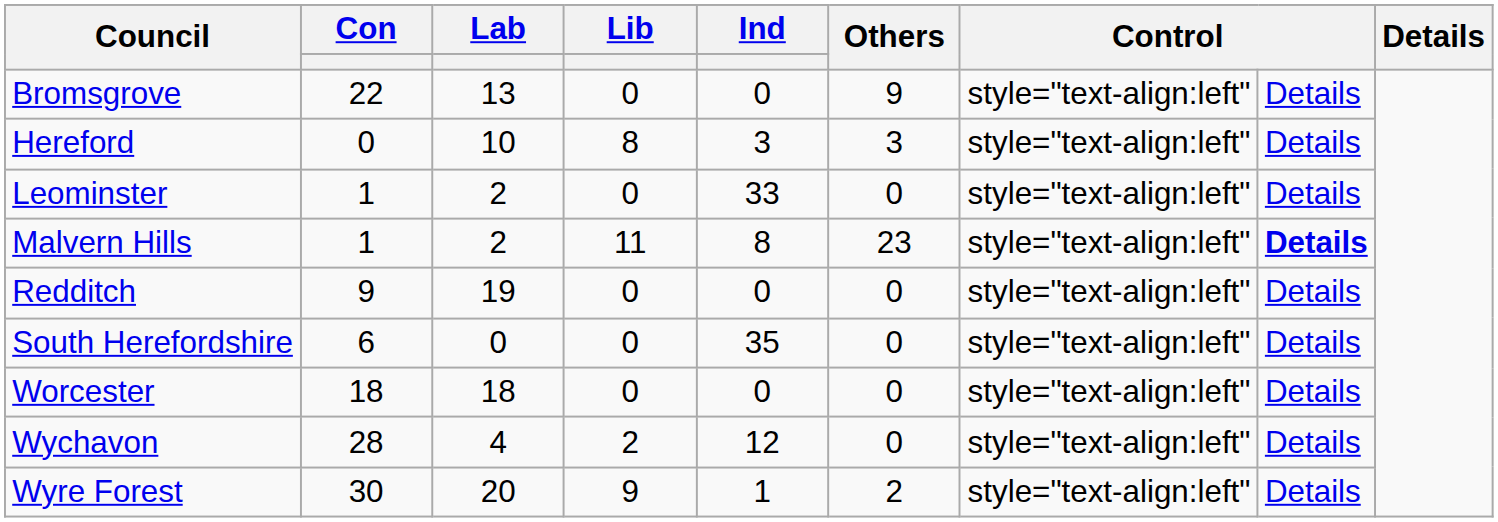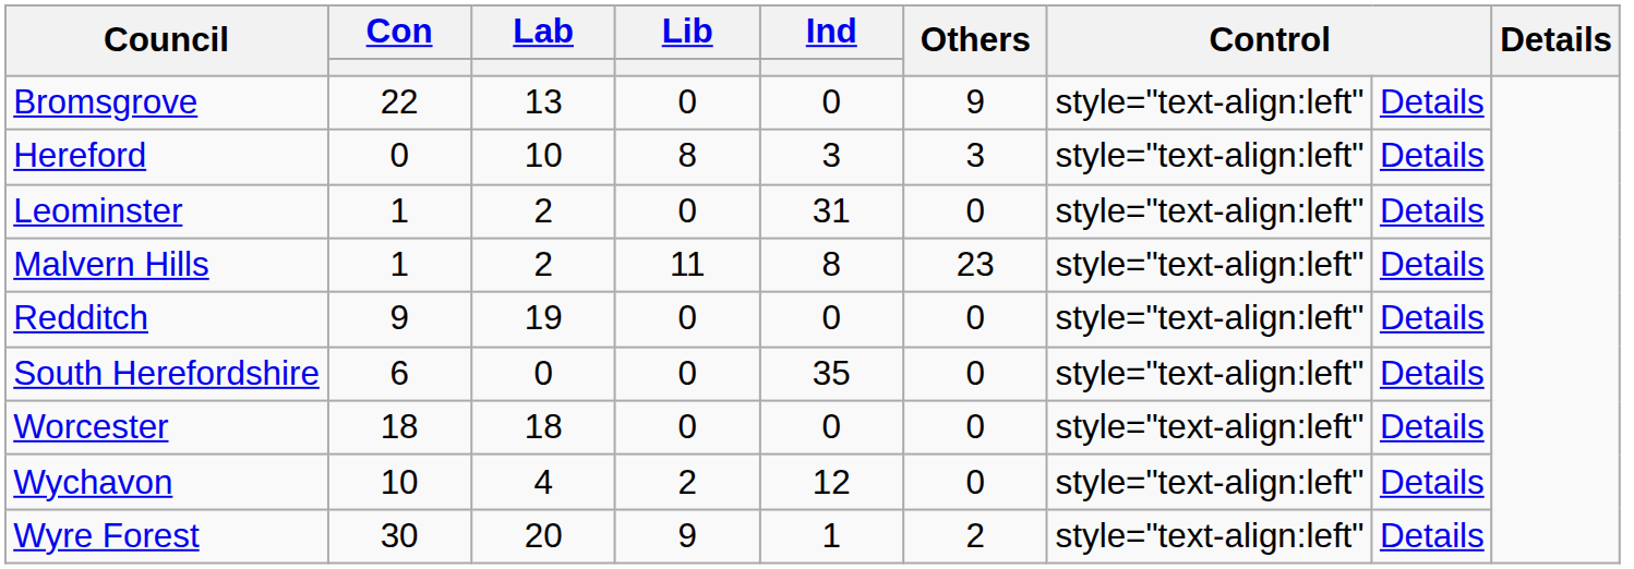 <table class="wikitable" style="text-align:center;">
 <tr>
 <th rowspan=2>Council</th>
 <th style="width:60px;"><a href='#'>Con</a></th>
 <th style="width:60px;"><a href='#'>Lab</a></th>
 <th style="width:60px;"><a href='#'>Lib</a></th>
 <th style="width:60px;"><a href='#'>Ind</a></th>
 <th style="width:60px;" rowspan=2>Others</th>
 <th rowspan=2 colspan=2>Control</th>
 <th rowspan=2>Details</th>
 </tr>
 <tr>
 <th style="background:"></th>
 <th style="background:"></th>
 <th style="background:"></th>
 <th style="background:"></th>
 </tr>
 <tr>
 <td style="text-align:left"><a href='#'>Bromsgrove</a></td>
 <td>22</td>
 <td>13</td>
 <td>0</td>
 <td>0</td>
 <td>9</td>
 <td>style="text-align:left" </td>
 <td style="text-align:left"><a href='#'>Details</a></td>
 </tr>
 <tr>
 <td style="text-align:left"><a href='#'>Hereford</a></td>
 <td>0</td>
 <td>10</td>
 <td>8</td>
 <td>3</td>
 <td>3</td>
 <td>style="text-align:left" </td>
 <td style="text-align:left"><a href='#'>Details</a></td>
 </tr>
 <tr>
 <td style="text-align:left"><a href='#'>Leominster</a></td>
 <td>1</td>
 <td>2</td>
 <td>0</td>
-<td>33</td>
+<td>31</td>
 <td>0</td>
 <td>style="text-align:left" </td>
 <td style="text-align:left"><a href='#'>Details</a></td>
 </tr>
 <tr>
 <td style="text-align:left"><a href='#'>Malvern Hills</a></td>
 <td>1</td>
 <td>2</td>
 <td>11</td>
 <td>8</td>
 <td>23</td>
 <td>style="text-align:left" </td>
-<td style="text-align:left"><strong><a href='#'>Details</a></strong></td>
+<td style="text-align:left"><a href='#'>Details</a></td>
 </tr>
 <tr>
 <td style="text-align:left"><a href='#'>Redditch</a></td>
 <td>9</td>
 <td>19</td>
 <td>0</td>
 <td>0</td>
 <td>0</td>
 <td>style="text-align:left" </td>
 <td style="text-align:left"><a href='#'>Details</a></td>
 </tr>
 <tr>
 <td style="text-align:left"><a href='#'>South Herefordshire</a></td>
 <td>6</td>
 <td>0</td>
 <td>0</td>
 <td>35</td>
 <td>0</td>
 <td>style="text-align:left" </td>
 <td style="text-align:left"><a href='#'>Details</a></td>
 </tr>
 <tr>
 <td style="text-align:left"><a href='#'>Worcester</a></td>
 <td>18</td>
 <td>18</td>
 <td>0</td>
 <td>0</td>
 <td>0</td>
 <td>style="text-align:left" </td>
 <td style="text-align:left"><a href='#'>Details</a></td>
 </tr>
 <tr>
 <td style="text-align:left"><a href='#'>Wychavon</a></td>
-<td>28</td>
+<td>10</td>
 <td>4</td>
 <td>2</td>
 <td>12</td>
 <td>0</td>
 <td>style="text-align:left" </td>
 <td style="text-align:left"><a href='#'>Details</a></td>
 </tr>
 <tr>
 <td style="text-align:left"><a href='#'>Wyre Forest</a></td>
 <td>30</td>
 <td>20</td>
 <td>9</td>
 <td>1</td>
 <td>2</td>
 <td>style="text-align:left" </td>
 <td style="text-align:left"><a href='#'>Details</a></td>
 </tr>
 </table>
